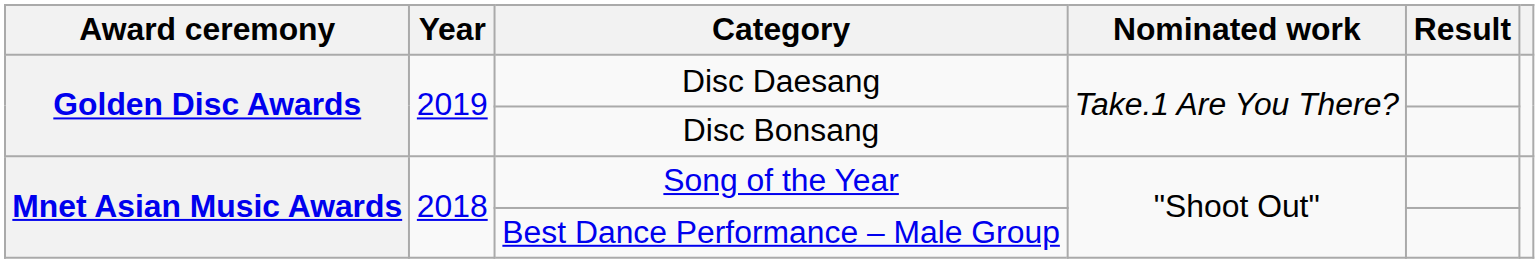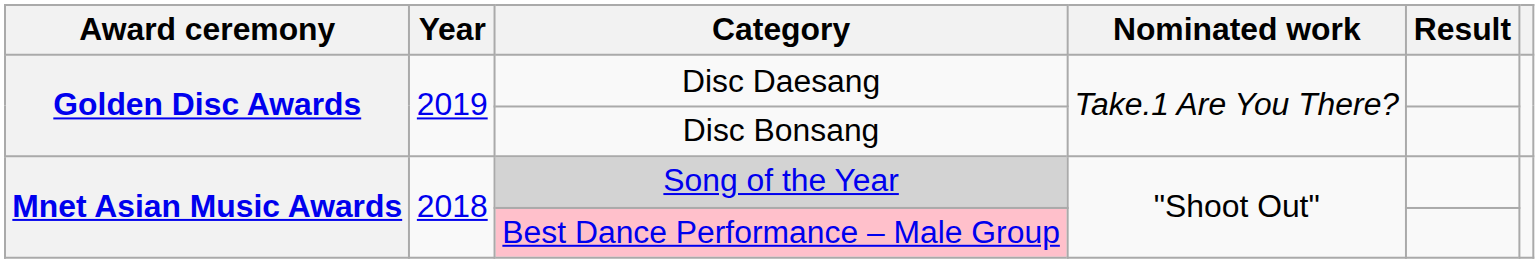 <table class="wikitable sortable plainrowheaders" style="text-align:center;">
 <tr>
 <th scope="col">Award ceremony</th>
 <th scope="col">Year</th>
 <th scope="col">Category</th>
 <th scope="col">Nominated work</th>
 <th scope="col">Result</th>
 <th scope="col" class="unsortable"></th>
 </tr>
 <tr>
 <th scope="row" rowspan="2"><a href='#'>Golden Disc Awards</a></th>
 <td rowspan="2"><a href='#'>2019</a></td>
 <td>Disc Daesang</td>
 <td rowspan="2"><em>Take.1 Are You There?</em></td>
 <td></td>
 <td rowspan="2"></td>
 </tr>
 <tr>
 <td>Disc Bonsang</td>
 <td></td>
 </tr>
 <tr>
 <th scope="row" rowspan="2"><a href='#'>Mnet Asian Music Awards</a></th>
 <td rowspan="2"><a href='#'>2018</a></td>
-<td><a href='#'>Song of the Year</a></td>
+<td style="background: lightgrey;"><a href='#'>Song of the Year</a></td>
 <td rowspan="2">"Shoot Out"</td>
 <td></td>
 <td rowspan="2"></td>
 </tr>
 <tr>
-<td><a href='#'>Best Dance Performance – Male Group</a></td>
+<td style="background: pink;"><a href='#'>Best Dance Performance – Male Group</a></td>
 <td></td>
 </tr>
 </table>
